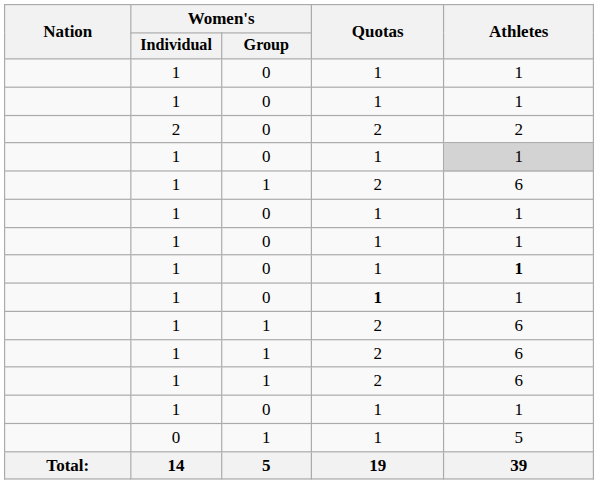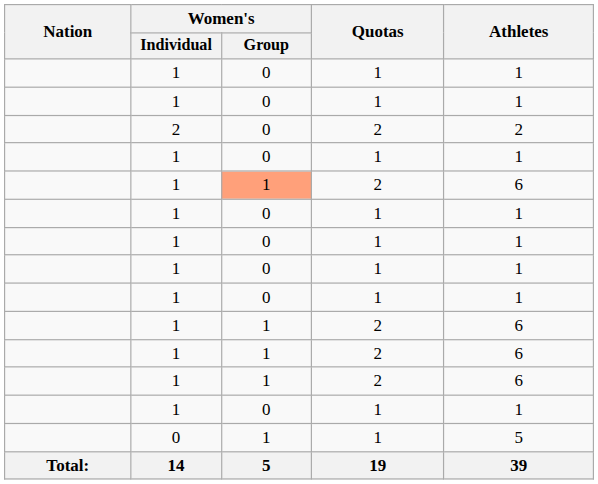 <table class="wikitable" width=500 style="text-align:center; font-size:90%">
 <tr>
 <th rowspan="2" align="left">Nation</th>
 <th colspan="2">Women's</th>
 <th rowspan="2">Quotas</th>
 <th rowspan="2">Athletes</th>
 </tr>
 <tr style="font-size:95%">
 <th width=70>Individual</th>
 <th width=70>Group</th>
 </tr>
 <tr>
 <td></td>
 <td>1</td>
 <td>0</td>
 <td>1</td>
 <td>1</td>
 </tr>
 <tr>
 <td></td>
 <td>1</td>
 <td>0</td>
 <td>1</td>
 <td>1</td>
 </tr>
 <tr>
 <td></td>
 <td>2</td>
 <td>0</td>
 <td>2</td>
 <td>2</td>
 </tr>
 <tr>
 <td></td>
 <td>1</td>
 <td>0</td>
 <td>1</td>
-<td style="background: lightgrey;">1</td>
+<td>1</td>
 </tr>
 <tr>
 <td></td>
 <td>1</td>
-<td>1</td>
+<td style="background: lightsalmon;">1</td>
 <td>2</td>
 <td>6</td>
 </tr>
 <tr>
 <td></td>
 <td>1</td>
 <td>0</td>
 <td>1</td>
 <td>1</td>
 </tr>
 <tr>
 <td></td>
 <td>1</td>
 <td>0</td>
 <td>1</td>
 <td>1</td>
 </tr>
 <tr>
 <td></td>
 <td>1</td>
 <td>0</td>
 <td>1</td>
-<td><strong>1</strong></td>
+<td>1</td>
 </tr>
 <tr>
 <td></td>
 <td>1</td>
 <td>0</td>
-<td><strong>1</strong></td>
+<td>1</td>
 <td>1</td>
 </tr>
 <tr>
 <td></td>
 <td>1</td>
 <td>1</td>
 <td>2</td>
 <td>6</td>
 </tr>
 <tr>
 <td></td>
 <td>1</td>
 <td>1</td>
 <td>2</td>
 <td>6</td>
 </tr>
 <tr>
 <td></td>
 <td>1</td>
 <td>1</td>
 <td>2</td>
 <td>6</td>
 </tr>
 <tr>
 <td></td>
 <td>1</td>
 <td>0</td>
 <td>1</td>
 <td>1</td>
 </tr>
 <tr>
 <td></td>
 <td>0</td>
 <td>1</td>
 <td>1</td>
 <td>5</td>
 </tr>
 <tr>
 <th>Total:</th>
 <th>14</th>
 <th>5</th>
 <th>19</th>
 <th>39</th>
 </tr>
 </table>
